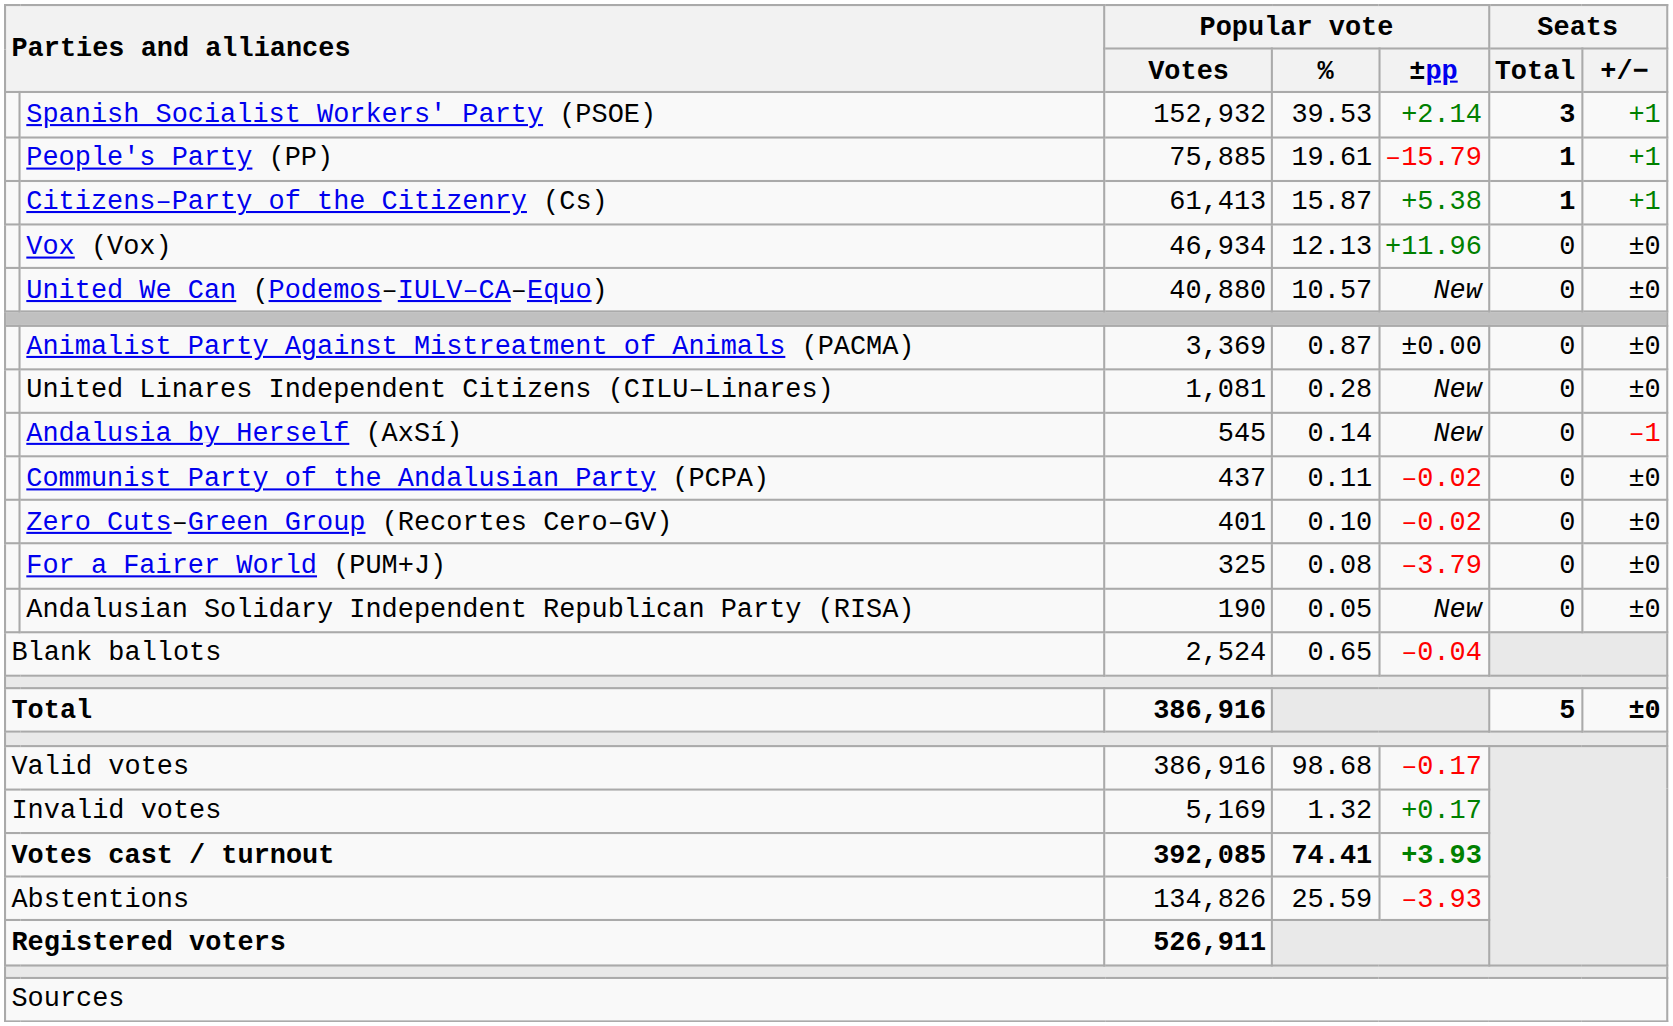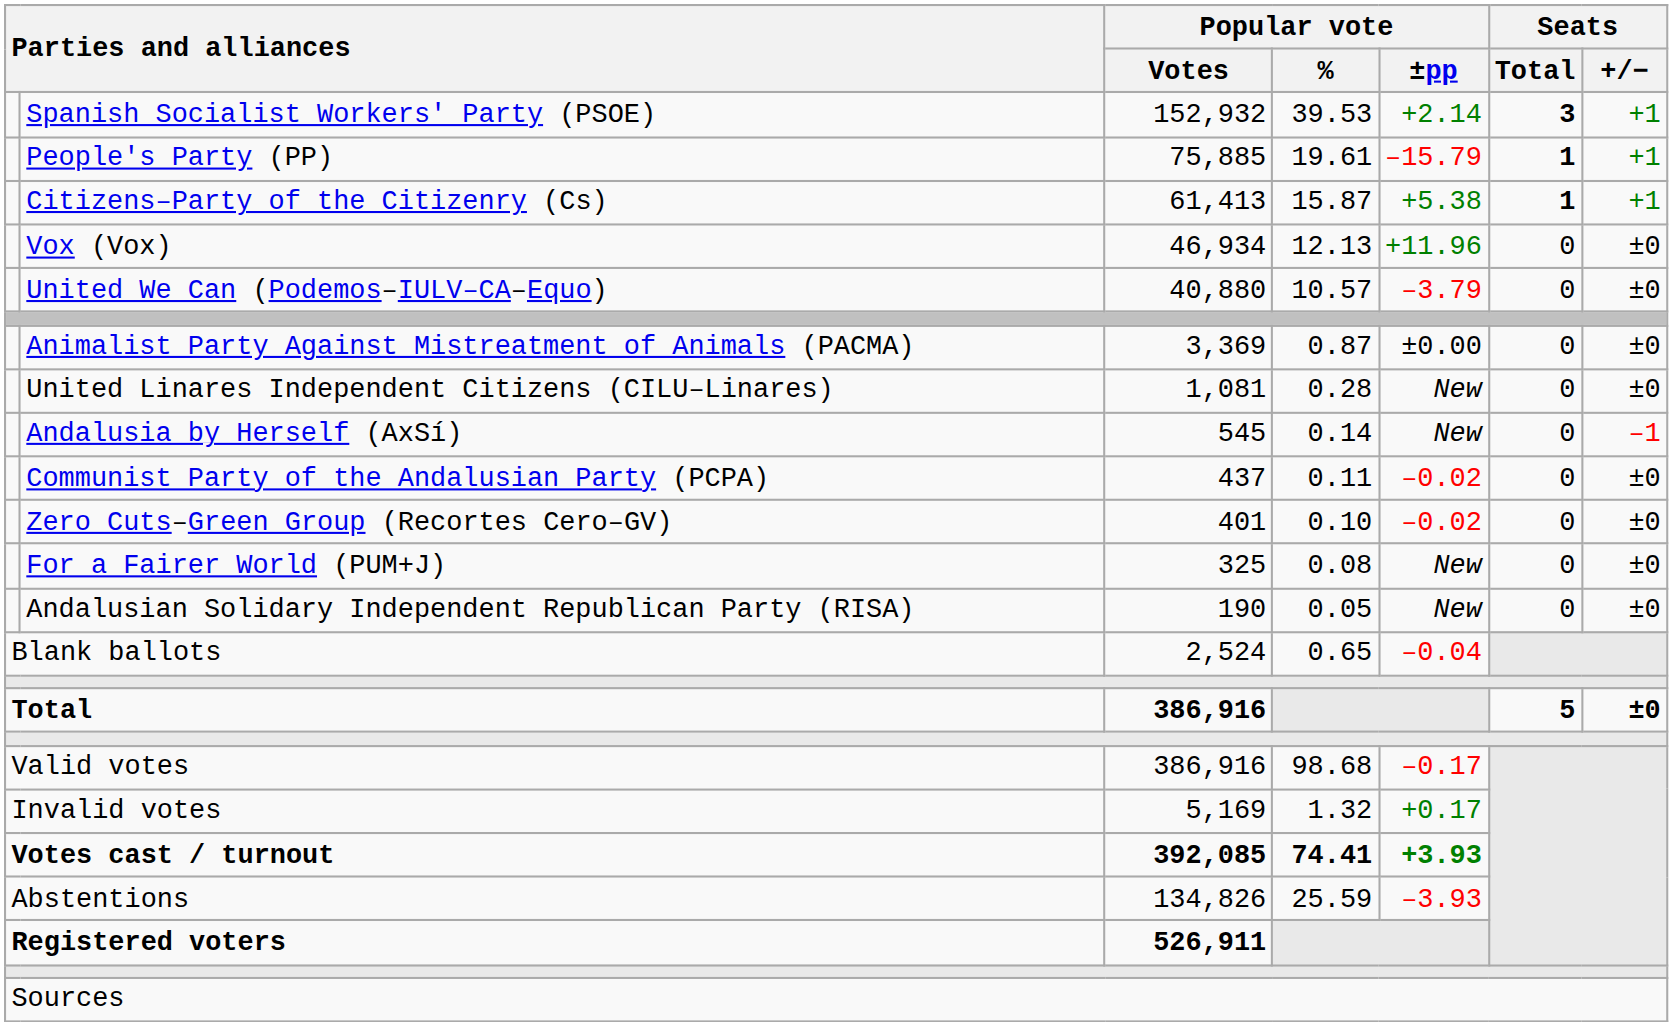 <table class="wikitable" style="text-align:right;">
 <tr>
 <th style="text-align:left;" rowspan="2" colspan="2" width="525">Parties and alliances</th>
 <th colspan="3">Popular vote</th>
 <th colspan="2">Seats</th>
 </tr>
 <tr>
 <th width="75">Votes</th>
 <th width="45">%</th>
 <th width="45">±<a href='#'>pp</a></th>
 <th width="35">Total</th>
 <th width="35">+/−</th>
 </tr>
 <tr>
 <td width="1" style="color:inherit;background:"></td>
 <td align="left"><a href='#'>Spanish Socialist Workers' Party</a> (PSOE)</td>
 <td>152,932</td>
 <td>39.53</td>
 <td style="color:green;">+2.14</td>
 <td><strong>3</strong></td>
 <td style="color:green;">+1</td>
 </tr>
 <tr>
 <td style="color:inherit;background:"></td>
 <td align="left"><a href='#'>People's Party</a> (PP)</td>
 <td>75,885</td>
 <td>19.61</td>
 <td style="color:red;">–15.79</td>
 <td><strong>1</strong></td>
 <td style="color:green;">+1</td>
 </tr>
 <tr>
 <td style="color:inherit;background:"></td>
 <td align="left"><a href='#'>Citizens–Party of the Citizenry</a> (Cs)</td>
 <td>61,413</td>
 <td>15.87</td>
 <td style="color:green;">+5.38</td>
 <td><strong>1</strong></td>
 <td style="color:green;">+1</td>
 </tr>
 <tr>
 <td style="color:inherit;background:"></td>
 <td align="left"><a href='#'>Vox</a> (Vox)</td>
 <td>46,934</td>
 <td>12.13</td>
 <td style="color:green;">+11.96</td>
 <td>0</td>
 <td>±0</td>
 </tr>
 <tr>
 <td style="color:inherit;background:"></td>
 <td align="left"><a href='#'>United We Can</a> (<a href='#'>Podemos</a>–<a href='#'>IULV–CA</a>–<a href='#'>Equo</a>)</td>
 <td>40,880</td>
 <td>10.57</td>
-<td><em>New</em></td>
+<td style="color:red;">–3.79</td>
 <td>0</td>
 <td>±0</td>
 </tr>
 <tr>
 <td colspan="7" bgcolor="#C0C0C0"></td>
 </tr>
 <tr>
 <td style="color:inherit;background:"></td>
 <td align="left"><a href='#'>Animalist Party Against Mistreatment of Animals</a> (PACMA)</td>
 <td>3,369</td>
 <td>0.87</td>
 <td>±0.00</td>
 <td>0</td>
 <td>±0</td>
 </tr>
 <tr>
 <td style="color:inherit;background:"></td>
 <td align="left">United Linares Independent Citizens (CILU–Linares)</td>
 <td>1,081</td>
 <td>0.28</td>
 <td><em>New</em></td>
 <td>0</td>
 <td>±0</td>
 </tr>
 <tr>
 <td style="color:inherit;background:"></td>
 <td align="left"><a href='#'>Andalusia by Herself</a> (AxSí)</td>
 <td>545</td>
 <td>0.14</td>
 <td><em>New</em></td>
 <td>0</td>
 <td style="color:red;">–1</td>
 </tr>
 <tr>
 <td style="color:inherit;background:"></td>
 <td align="left"><a href='#'>Communist Party of the Andalusian Party</a> (PCPA)</td>
 <td>437</td>
 <td>0.11</td>
 <td style="color:red;">–0.02</td>
 <td>0</td>
 <td>±0</td>
 </tr>
 <tr>
 <td style="color:inherit;background:"></td>
 <td align="left"><a href='#'>Zero Cuts</a>–<a href='#'>Green Group</a> (Recortes Cero–GV)</td>
 <td>401</td>
 <td>0.10</td>
 <td style="color:red;">–0.02</td>
 <td>0</td>
 <td>±0</td>
 </tr>
 <tr>
 <td style="color:inherit;background:"></td>
 <td align="left"><a href='#'>For a Fairer World</a> (PUM+J)</td>
 <td>325</td>
 <td>0.08</td>
-<td style="color:red;">–3.79</td>
+<td><em>New</em></td>
 <td>0</td>
 <td>±0</td>
 </tr>
 <tr>
 <td style="color:inherit;background:"></td>
 <td align="left">Andalusian Solidary Independent Republican Party (RISA)</td>
 <td>190</td>
 <td>0.05</td>
 <td><em>New</em></td>
 <td>0</td>
 <td>±0</td>
 </tr>
 <tr>
 <td align="left" colspan="2">Blank ballots</td>
 <td>2,524</td>
 <td>0.65</td>
 <td style="color:red;">–0.04</td>
 <td bgcolor="#E9E9E9" colspan="2"></td>
 </tr>
 <tr>
 <td colspan="7" bgcolor="#E9E9E9"></td>
 </tr>
 <tr style="font-weight:bold;">
 <td align="left" colspan="2">Total</td>
 <td>386,916</td>
 <td bgcolor="#E9E9E9" colspan="2"></td>
 <td>5</td>
 <td>±0</td>
 </tr>
 <tr>
 <td colspan="7" bgcolor="#E9E9E9"></td>
 </tr>
 <tr>
 <td align="left" colspan="2">Valid votes</td>
 <td>386,916</td>
 <td>98.68</td>
 <td style="color:red;">–0.17</td>
 <td bgcolor="#E9E9E9" colspan="2" rowspan="5"></td>
 </tr>
 <tr>
 <td align="left" colspan="2">Invalid votes</td>
 <td>5,169</td>
 <td>1.32</td>
 <td style="color:green;">+0.17</td>
 </tr>
 <tr style="font-weight:bold;">
 <td align="left" colspan="2">Votes cast / turnout</td>
 <td>392,085</td>
 <td>74.41</td>
 <td style="color:green;">+3.93</td>
 </tr>
 <tr>
 <td align="left" colspan="2">Abstentions</td>
 <td>134,826</td>
 <td>25.59</td>
 <td style="color:red;">–3.93</td>
 </tr>
 <tr style="font-weight:bold;">
 <td align="left" colspan="2">Registered voters</td>
 <td>526,911</td>
 <td bgcolor="#E9E9E9" colspan="2"></td>
 </tr>
 <tr>
 <td colspan="7" bgcolor="#E9E9E9"></td>
 </tr>
 <tr>
 <td align="left" colspan="7">Sources</td>
 </tr>
 </table>
